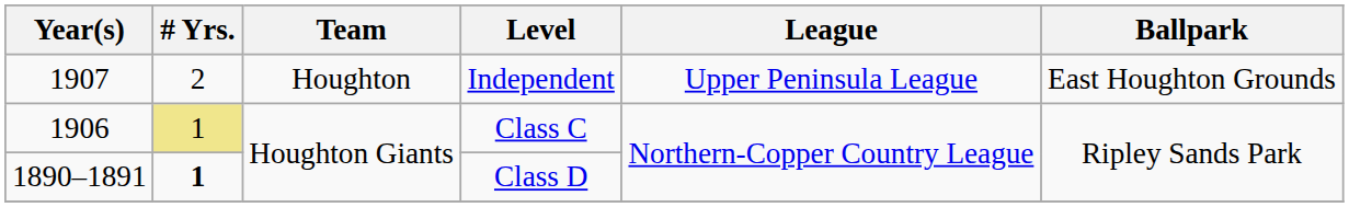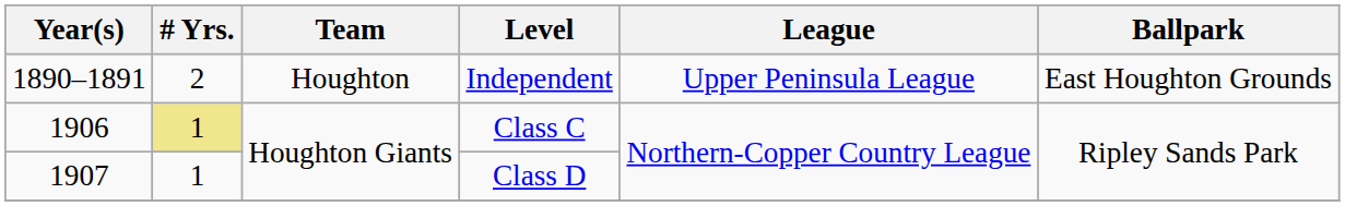 <table class="wikitable" style="text-align:center; font-size: 95%;">
 <tr>
 <th>Year(s)</th>
 <th># Yrs.</th>
 <th>Team</th>
 <th>Level</th>
 <th>League</th>
 <th>Ballpark</th>
 </tr>
 <tr>
-<td>1907</td>
+<td>1890–1891</td>
 <td>2</td>
 <td>Houghton</td>
 <td><a href='#'>Independent</a></td>
 <td><a href='#'>Upper Peninsula League</a></td>
 <td>East Houghton Grounds</td>
 </tr>
 <tr>
 <td>1906</td>
 <td style="background: khaki;">1</td>
 <td rowspan=2>Houghton Giants</td>
 <td><a href='#'>Class C</a></td>
 <td rowspan=2><a href='#'>Northern-Copper Country League</a></td>
 <td rowspan=2>Ripley Sands Park</td>
 </tr>
 <tr>
-<td>1890–1891</td>
-<td><strong>1</strong></td>
+<td>1907</td>
+<td>1</td>
 <td><a href='#'>Class D</a></td>
 </tr>
 <tr>
 </tr>
 </table>
